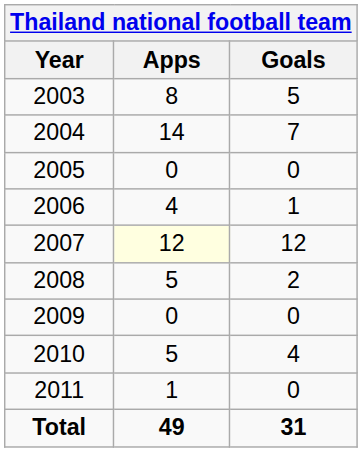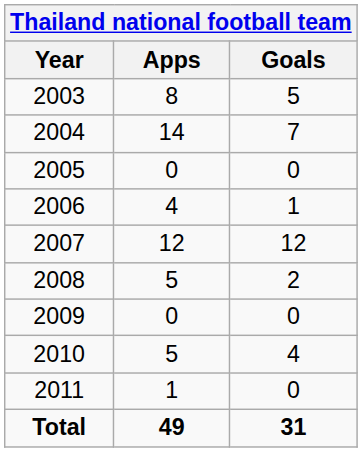 <table class="wikitable" style="text-align:center">
 <tr>
 <th colspan=3><a href='#'>Thailand national football team</a></th>
 </tr>
 <tr>
 <th>Year</th>
 <th>Apps</th>
 <th>Goals</th>
 </tr>
 <tr>
 <td>2003</td>
 <td>8</td>
 <td>5</td>
 </tr>
 <tr>
 <td>2004</td>
 <td>14</td>
 <td>7</td>
 </tr>
 <tr>
 <td>2005</td>
 <td>0</td>
 <td>0</td>
 </tr>
 <tr>
 <td>2006</td>
 <td>4</td>
 <td>1</td>
 </tr>
 <tr>
 <td>2007</td>
-<td style="background: lightyellow;">12</td>
+<td>12</td>
 <td>12</td>
 </tr>
 <tr>
 <td>2008</td>
 <td>5</td>
 <td>2</td>
 </tr>
 <tr>
 <td>2009</td>
 <td>0</td>
 <td>0</td>
 </tr>
 <tr>
 <td>2010</td>
 <td>5</td>
 <td>4</td>
 </tr>
 <tr>
 <td>2011</td>
 <td>1</td>
 <td>0</td>
 </tr>
 <tr>
 <td><strong>Total</strong></td>
 <td><strong>49</strong></td>
 <td><strong>31</strong></td>
 </tr>
 </table>
